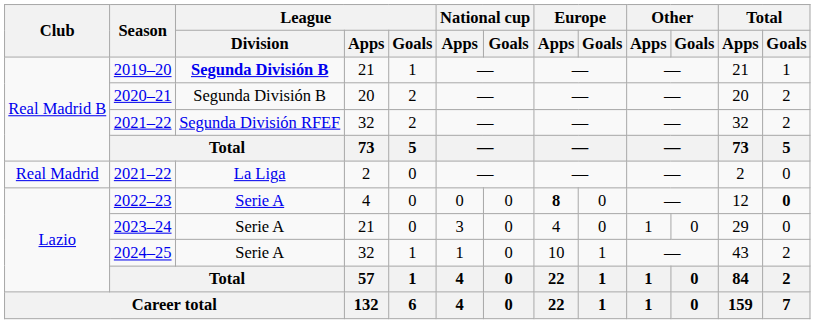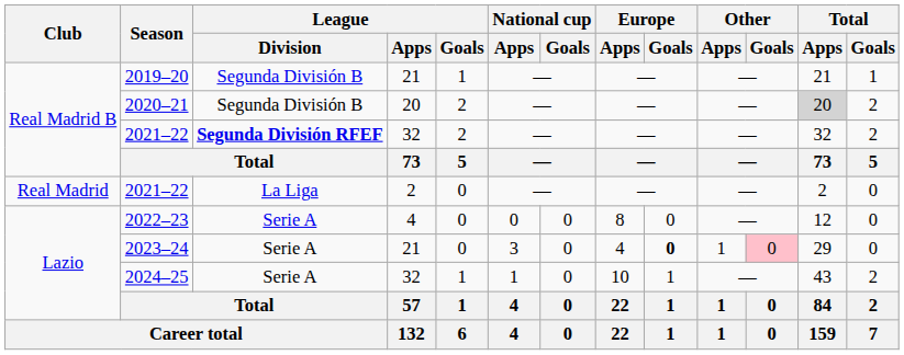 <table class="wikitable" style="text-align:center">
 <tr>
 <th rowspan="2">Club</th>
 <th rowspan="2">Season</th>
 <th colspan="3">League</th>
 <th colspan="2">National cup</th>
 <th colspan="2">Europe</th>
 <th colspan="2">Other</th>
 <th colspan="2">Total</th>
 </tr>
 <tr>
 <th>Division</th>
 <th>Apps</th>
 <th>Goals</th>
 <th>Apps</th>
 <th>Goals</th>
 <th>Apps</th>
 <th>Goals</th>
 <th>Apps</th>
 <th>Goals</th>
 <th>Apps</th>
 <th>Goals</th>
 </tr>
 <tr>
 <td rowspan="4"><a href='#'>Real Madrid B</a></td>
 <td><a href='#'>2019–20</a></td>
-<td><strong><a href='#'>Segunda División B</a></strong></td>
+<td><a href='#'>Segunda División B</a></td>
 <td>21</td>
 <td>1</td>
 <td colspan="2">—</td>
 <td colspan="2">—</td>
 <td colspan="2">—</td>
 <td>21</td>
 <td>1</td>
 </tr>
 <tr>
 <td><a href='#'>2020–21</a></td>
 <td>Segunda División B</td>
 <td>20</td>
 <td>2</td>
 <td colspan="2">—</td>
 <td colspan="2">—</td>
 <td colspan="2">—</td>
-<td>20</td>
+<td style="background: lightgrey;">20</td>
 <td>2</td>
 </tr>
 <tr>
 <td><a href='#'>2021–22</a></td>
-<td><a href='#'>Segunda División RFEF</a></td>
+<td><strong><a href='#'>Segunda División RFEF</a></strong></td>
 <td>32</td>
 <td>2</td>
 <td colspan="2">—</td>
 <td colspan="2">—</td>
 <td colspan="2">—</td>
 <td>32</td>
 <td>2</td>
 </tr>
 <tr>
 <th colspan="2">Total</th>
 <th>73</th>
 <th>5</th>
 <th colspan="2">—</th>
 <th colspan="2">—</th>
 <th colspan="2">—</th>
 <th>73</th>
 <th>5</th>
 </tr>
 <tr>
 <td><a href='#'>Real Madrid</a></td>
 <td><a href='#'>2021–22</a></td>
 <td><a href='#'>La Liga</a></td>
 <td>2</td>
 <td>0</td>
 <td colspan="2">—</td>
 <td colspan="2">—</td>
 <td colspan="2">—</td>
 <td>2</td>
 <td>0</td>
 </tr>
 <tr>
 <td rowspan="4"><a href='#'>Lazio</a></td>
 <td><a href='#'>2022–23</a></td>
 <td><a href='#'>Serie A</a></td>
 <td>4</td>
 <td>0</td>
 <td>0</td>
 <td>0</td>
-<td><strong>8</strong></td>
+<td>8</td>
 <td>0</td>
 <td colspan="2">—</td>
 <td>12</td>
-<td><strong>0</strong></td>
+<td>0</td>
 </tr>
 <tr>
 <td><a href='#'>2023–24</a></td>
 <td>Serie A</td>
 <td>21</td>
 <td>0</td>
 <td>3</td>
 <td>0</td>
 <td>4</td>
-<td>0</td>
+<td><strong>0</strong></td>
 <td>1</td>
-<td>0</td>
+<td style="background: pink;">0</td>
 <td>29</td>
 <td>0</td>
 </tr>
 <tr>
 <td><a href='#'>2024–25</a></td>
 <td>Serie A</td>
 <td>32</td>
 <td>1</td>
 <td>1</td>
 <td>0</td>
 <td>10</td>
 <td>1</td>
 <td colspan="2">—</td>
 <td>43</td>
 <td>2</td>
 </tr>
 <tr>
 <th colspan="2">Total</th>
 <th>57</th>
 <th>1</th>
 <th>4</th>
 <th>0</th>
 <th>22</th>
 <th>1</th>
 <th>1</th>
 <th>0</th>
 <th>84</th>
 <th>2</th>
 </tr>
 <tr>
 <th colspan="3">Career total</th>
 <th>132</th>
 <th>6</th>
 <th>4</th>
 <th>0</th>
 <th>22</th>
 <th>1</th>
 <th>1</th>
 <th>0</th>
 <th>159</th>
 <th>7</th>
 </tr>
 </table>
